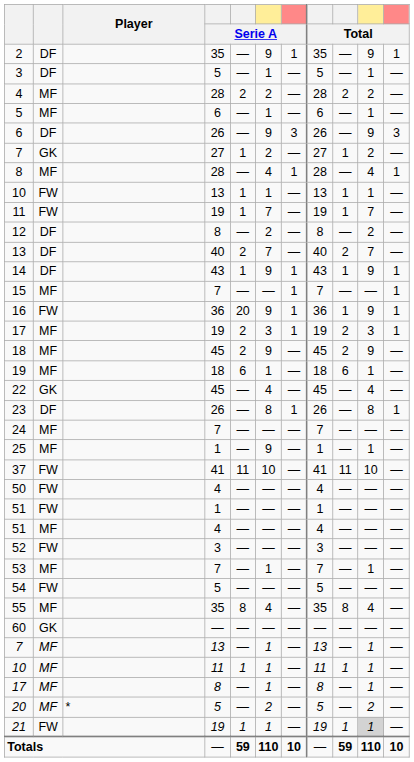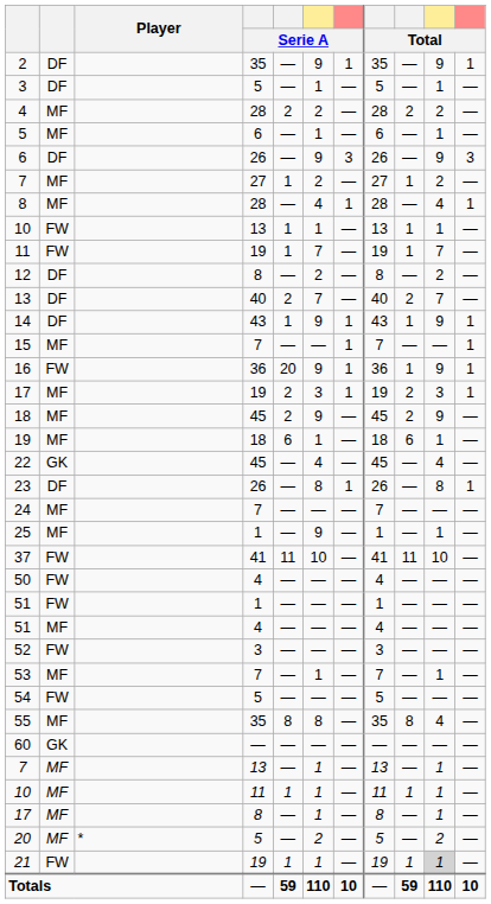 <table class="wikitable sortable" style="text-align: center">
 <tr>
 <th rowspan="2" width=30 align="center"><br></th>
 <th rowspan="2" width=30 align="center"><br></th>
 <th rowspan="2" width=175 align="center">Player<br></th>
 <th width=25 style="background:"><br></th>
 <th width=25 style="background:"><br></th>
 <th width=25 style="background: #FFEE99"><br></th>
 <th width=25 style="border-right:2px solid grey; background:#FF8888"><br></th>
 <th width=25 style="background:"><br></th>
 <th width=25 style="background:"><br></th>
 <th width=25 style="background: #FFEE99"><br></th>
 <th width=25 style="background: #FF8888"><br></th>
 </tr>
 <tr class="sortbottom">
 <th colspan="4" style="border-right:2px solid grey;" align="center"><a href='#'>Serie A</a></th>
 <th colspan="4" align="center">Total</th>
 </tr>
 <tr>
 <td>2</td>
 <td>DF</td>
 <td align=left></td>
 <td>35</td>
 <td>—</td>
 <td>9</td>
 <td>1</td>
 <td style="border-left:2px solid grey">35</td>
 <td>—</td>
 <td>9</td>
 <td>1</td>
 </tr>
 <tr>
 <td>3</td>
 <td>DF</td>
 <td align=left></td>
 <td>5</td>
 <td>—</td>
 <td>1</td>
 <td>—</td>
 <td style="border-left:2px solid grey">5</td>
 <td>—</td>
 <td>1</td>
 <td>—</td>
 </tr>
 <tr>
 <td>4</td>
 <td>MF</td>
 <td align=left></td>
 <td>28</td>
 <td>2</td>
 <td>2</td>
 <td>—</td>
 <td style="border-left:2px solid grey">28</td>
 <td>2</td>
 <td>2</td>
 <td>—</td>
 </tr>
 <tr>
 <td>5</td>
 <td>MF</td>
 <td align=left></td>
 <td>6</td>
 <td>—</td>
 <td>1</td>
 <td>—</td>
 <td style="border-left:2px solid grey">6</td>
 <td>—</td>
 <td>1</td>
 <td>—</td>
 </tr>
 <tr>
 <td>6</td>
 <td>DF</td>
 <td align=left></td>
 <td>26</td>
 <td>—</td>
 <td>9</td>
 <td>3</td>
 <td style="border-left:2px solid grey">26</td>
 <td>—</td>
 <td>9</td>
 <td>3</td>
 </tr>
 <tr>
 <td>7</td>
-<td>GK</td>
+<td>MF</td>
 <td align=left></td>
 <td>27</td>
 <td>1</td>
 <td>2</td>
 <td>—</td>
 <td style="border-left:2px solid grey">27</td>
 <td>1</td>
 <td>2</td>
 <td>—</td>
 </tr>
 <tr>
 <td>8</td>
 <td>MF</td>
 <td align=left></td>
 <td>28</td>
 <td>—</td>
 <td>4</td>
 <td>1</td>
 <td style="border-left:2px solid grey">28</td>
 <td>—</td>
 <td>4</td>
 <td>1</td>
 </tr>
 <tr>
 <td>10</td>
 <td>FW</td>
 <td align=left></td>
 <td>13</td>
 <td>1</td>
 <td>1</td>
 <td>—</td>
 <td style="border-left:2px solid grey">13</td>
 <td>1</td>
 <td>1</td>
 <td>—</td>
 </tr>
 <tr>
 <td>11</td>
 <td>FW</td>
 <td align=left></td>
 <td>19</td>
 <td>1</td>
 <td>7</td>
 <td>—</td>
 <td style="border-left:2px solid grey">19</td>
 <td>1</td>
 <td>7</td>
 <td>—</td>
 </tr>
 <tr>
 <td>12</td>
 <td>DF</td>
 <td align=left></td>
 <td>8</td>
 <td>—</td>
 <td>2</td>
 <td>—</td>
 <td style="border-left:2px solid grey">8</td>
 <td>—</td>
 <td>2</td>
 <td>—</td>
 </tr>
 <tr>
 <td>13</td>
 <td>DF</td>
 <td align=left></td>
 <td>40</td>
 <td>2</td>
 <td>7</td>
 <td>—</td>
 <td style="border-left:2px solid grey">40</td>
 <td>2</td>
 <td>7</td>
 <td>—</td>
 </tr>
 <tr>
 <td>14</td>
 <td>DF</td>
 <td align=left></td>
 <td>43</td>
 <td>1</td>
 <td>9</td>
 <td>1</td>
 <td style="border-left:2px solid grey">43</td>
 <td>1</td>
 <td>9</td>
 <td>1</td>
 </tr>
 <tr>
 <td>15</td>
 <td>MF</td>
 <td align=left></td>
 <td>7</td>
 <td>—</td>
 <td>—</td>
 <td>1</td>
 <td style="border-left:2px solid grey">7</td>
 <td>—</td>
 <td>—</td>
 <td>1</td>
 </tr>
 <tr>
 <td>16</td>
 <td>FW</td>
 <td align=left></td>
 <td>36</td>
 <td>20</td>
 <td>9</td>
 <td>1</td>
 <td style="border-left:2px solid grey">36</td>
 <td>1</td>
 <td>9</td>
 <td>1</td>
 </tr>
 <tr>
 <td>17</td>
 <td>MF</td>
 <td align=left></td>
 <td>19</td>
 <td>2</td>
 <td>3</td>
 <td>1</td>
 <td style="border-left:2px solid grey">19</td>
 <td>2</td>
 <td>3</td>
 <td>1</td>
 </tr>
 <tr>
 <td>18</td>
 <td>MF</td>
 <td align=left></td>
 <td>45</td>
 <td>2</td>
 <td>9</td>
 <td>—</td>
 <td style="border-left:2px solid grey">45</td>
 <td>2</td>
 <td>9</td>
 <td>—</td>
 </tr>
 <tr>
 <td>19</td>
 <td>MF</td>
 <td align=left></td>
 <td>18</td>
 <td>6</td>
 <td>1</td>
 <td>—</td>
 <td style="border-left:2px solid grey">18</td>
 <td>6</td>
 <td>1</td>
 <td>—</td>
 </tr>
 <tr>
 <td>22</td>
 <td>GK</td>
 <td align=left></td>
 <td>45</td>
 <td>—</td>
 <td>4</td>
 <td>—</td>
 <td style="border-left:2px solid grey">45</td>
 <td>—</td>
 <td>4</td>
 <td>—</td>
 </tr>
 <tr>
 <td>23</td>
 <td>DF</td>
 <td align=left></td>
 <td>26</td>
 <td>—</td>
 <td>8</td>
 <td>1</td>
 <td style="border-left:2px solid grey">26</td>
 <td>—</td>
 <td>8</td>
 <td>1</td>
 </tr>
 <tr>
 <td>24</td>
 <td>MF</td>
 <td align=left></td>
 <td>7</td>
 <td>—</td>
 <td>—</td>
 <td>—</td>
 <td style="border-left:2px solid grey">7</td>
 <td>—</td>
 <td>—</td>
 <td>—</td>
 </tr>
 <tr>
 <td>25</td>
 <td>MF</td>
 <td align=left></td>
 <td>1</td>
 <td>—</td>
 <td>9</td>
 <td>—</td>
 <td style="border-left:2px solid grey">1</td>
 <td>—</td>
 <td>1</td>
 <td>—</td>
 </tr>
 <tr>
 <td>37</td>
 <td>FW</td>
 <td align=left></td>
 <td>41</td>
 <td>11</td>
 <td>10</td>
 <td>—</td>
 <td style="border-left:2px solid grey">41</td>
 <td>11</td>
 <td>10</td>
 <td>—</td>
 </tr>
 <tr>
 <td>50</td>
 <td>FW</td>
 <td align=left></td>
 <td>4</td>
 <td>—</td>
 <td>—</td>
 <td>—</td>
 <td style="border-left:2px solid grey">4</td>
 <td>—</td>
 <td>—</td>
 <td>—</td>
 </tr>
 <tr>
 <td>51</td>
 <td>FW</td>
 <td align=left></td>
 <td>1</td>
 <td>—</td>
 <td>—</td>
 <td>—</td>
 <td style="border-left:2px solid grey">1</td>
 <td>—</td>
 <td>—</td>
 <td>—</td>
 </tr>
 <tr>
 <td>51</td>
 <td>MF</td>
 <td align=left></td>
 <td>4</td>
 <td>—</td>
 <td>—</td>
 <td>—</td>
 <td style="border-left:2px solid grey">4</td>
 <td>—</td>
 <td>—</td>
 <td>—</td>
 </tr>
 <tr>
 <td>52</td>
 <td>FW</td>
 <td align=left></td>
 <td>3</td>
 <td>—</td>
 <td>—</td>
 <td>—</td>
 <td style="border-left:2px solid grey">3</td>
 <td>—</td>
 <td>—</td>
 <td>—</td>
 </tr>
 <tr>
 <td>53</td>
 <td>MF</td>
 <td align=left></td>
 <td>7</td>
 <td>—</td>
 <td>1</td>
 <td>—</td>
 <td style="border-left:2px solid grey">7</td>
 <td>—</td>
 <td>1</td>
 <td>—</td>
 </tr>
 <tr>
 <td>54</td>
 <td>FW</td>
 <td align=left></td>
 <td>5</td>
 <td>—</td>
 <td>—</td>
 <td>—</td>
 <td style="border-left:2px solid grey">5</td>
 <td>—</td>
 <td>—</td>
 <td>—</td>
 </tr>
 <tr>
 <td>55</td>
 <td>MF</td>
 <td align=left></td>
 <td>35</td>
 <td>8</td>
-<td>4</td>
+<td>8</td>
 <td>—</td>
 <td style="border-left:2px solid grey">35</td>
 <td>8</td>
 <td>4</td>
 <td>—</td>
 </tr>
 <tr>
 <td>60</td>
 <td>GK</td>
 <td align=left></td>
 <td>—</td>
 <td>—</td>
 <td>—</td>
 <td>—</td>
 <td style="border-left:2px solid grey">—</td>
 <td>—</td>
 <td>—</td>
 <td>—</td>
 </tr>
 <tr>
 <td><em>7</em></td>
 <td><em>MF</em></td>
 <td align=left><em></em></td>
 <td><em>13</em></td>
 <td>—</td>
 <td><em>1</em></td>
 <td>—</td>
 <td style="border-left:2px solid grey"><em>13</em></td>
 <td>—</td>
 <td><em>1</em></td>
 <td>—</td>
 </tr>
 <tr>
 <td><em>10</em></td>
 <td><em>MF</em></td>
 <td align=left><em></em></td>
 <td><em>11</em></td>
 <td><em>1</em></td>
 <td><em>1</em></td>
 <td>—</td>
 <td style="border-left:2px solid grey"><em>11</em></td>
 <td><em>1</em></td>
 <td><em>1</em></td>
 <td>—</td>
 </tr>
 <tr>
 <td><em>17</em></td>
 <td><em>MF</em></td>
 <td align=left><em></em></td>
 <td><em>8</em></td>
 <td>—</td>
 <td><em>1</em></td>
 <td>—</td>
 <td style="border-left:2px solid grey"><em>8</em></td>
 <td>—</td>
 <td><em>1</em></td>
 <td>—</td>
 </tr>
 <tr>
 <td><em>20</em></td>
 <td><em>MF</em></td>
 <td align=left><em></em> *</td>
 <td><em>5</em></td>
 <td>—</td>
 <td><em>2</em></td>
 <td>—</td>
 <td style="border-left:2px solid grey"><em>5</em></td>
 <td>—</td>
 <td><em>2</em></td>
 <td>—</td>
 </tr>
 <tr>
 <td><em>21</em></td>
 <td>FW</td>
 <td align=left><em></em></td>
 <td><em>19</em></td>
 <td><em>1</em></td>
 <td><em>1</em></td>
 <td>—</td>
 <td style="border-left:2px solid grey"><em>19</em></td>
 <td><em>1</em></td>
 <td style="background: lightgrey;"><em>1</em></td>
 <td>—</td>
 </tr>
 <tr>
 </tr>
 <tr class="sortbottom" style="border-top:2px solid grey">
 <td colspan=3 align=left><strong>Totals</strong></td>
 <td>—</td>
 <td><strong>59</strong></td>
 <td><strong>110</strong></td>
 <td><strong>10</strong></td>
 <td style="border-left:2px solid grey">—</td>
 <td><strong>59</strong></td>
 <td><strong>110</strong></td>
 <td><strong>10</strong></td>
 </tr>
 </table>
